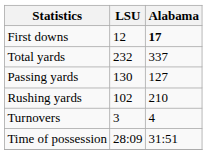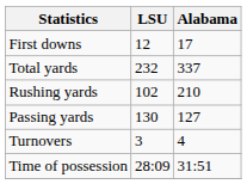 <table class="wikitable" style="float: left;">
 <tr>
 <th>Statistics</th>
 <th>LSU</th>
 <th>Alabama</th>
 </tr>
 <tr>
 <td>First downs</td>
 <td>12</td>
-<td><strong>17</strong></td>
+<td>17</td>
 </tr>
 <tr>
 <td>Total yards</td>
 <td>232</td>
 <td>337</td>
 </tr>
 <tr>
+<td>Rushing yards</td>
+<td>102</td>
+<td>210</td>
+</tr>
+<tr>
 <td>Passing yards</td>
 <td>130</td>
 <td>127</td>
-</tr>
-<tr>
-<td>Rushing yards</td>
-<td>102</td>
-<td>210</td>
 </tr>
 <tr>
 <td>Turnovers</td>
 <td>3</td>
 <td>4</td>
 </tr>
 <tr>
 <td>Time of possession</td>
 <td>28:09</td>
 <td>31:51</td>
 </tr>
 <tr>
 </tr>
 </table>
